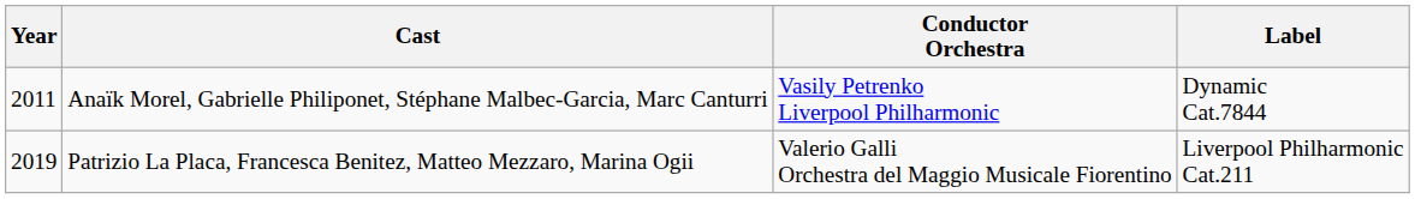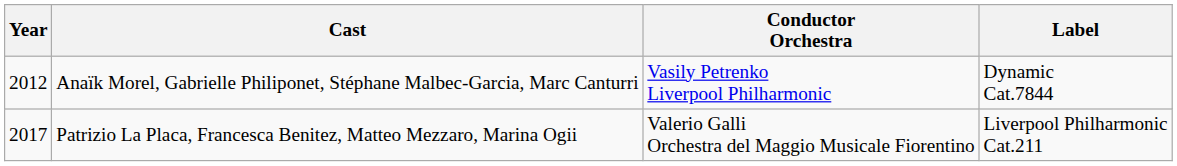 <table class="wikitable">
 <tr>
 <th>Year</th>
 <th>Cast</th>
 <th>Conductor<br>Orchestra</th>
 <th>Label</th>
 </tr>
 <tr>
-<td>2011</td>
+<td>2012</td>
 <td>Anaïk Morel, Gabrielle Philiponet, Stéphane Malbec-Garcia, Marc Canturri</td>
 <td><a href='#'>Vasily Petrenko</a><br><a href='#'>Liverpool Philharmonic</a></td>
 <td>Dynamic<br>Cat.7844</td>
 </tr>
 <tr>
-<td>2019</td>
+<td>2017</td>
 <td>Patrizio La Placa, Francesca Benitez, Matteo Mezzaro, Marina Ogii</td>
 <td>Valerio Galli<br>Orchestra del Maggio Musicale Fiorentino</td>
 <td>Liverpool Philharmonic<br>Cat.211</td>
 </tr>
 </table>
